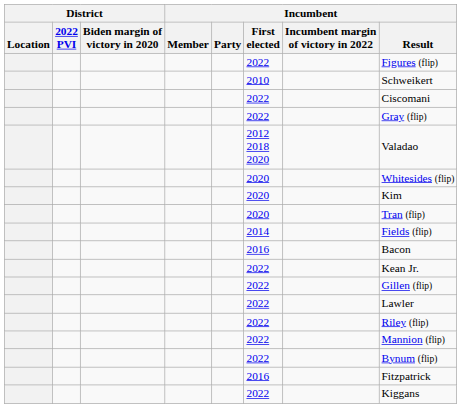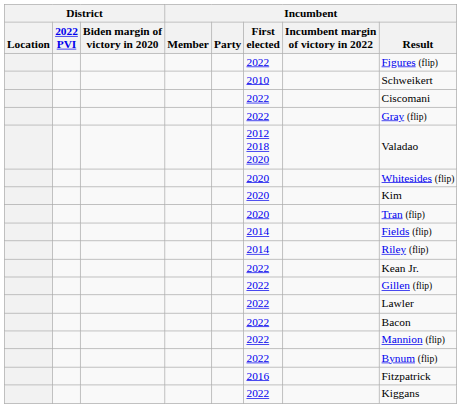 <table class="wikitable sortable">
 <tr>
 <th colspan=3>District</th>
 <th colspan="5">Incumbent</th>
 </tr>
 <tr valign=bottom>
 <th>Location</th>
 <th><a href='#'>2022<br>PVI</a></th>
 <th>Biden margin of<br>victory in 2020</th>
 <th>Member</th>
 <th>Party</th>
 <th>First<br>elected</th>
 <th>Incumbent margin<br>of victory in 2022</th>
 <th>Result</th>
 </tr>
 <tr>
 <th></th>
 <td></td>
 <td></td>
 <td></td>
 <td></td>
 <td><a href='#'>2022</a></td>
 <td></td>
 <td><a href='#'>Figures</a> <small>(flip)</small></td>
 </tr>
 <tr>
 <th></th>
 <td></td>
 <td></td>
 <td></td>
 <td></td>
 <td><a href='#'>2010</a></td>
 <td></td>
 <td>Schweikert</td>
 </tr>
 <tr>
 <th></th>
 <td></td>
 <td></td>
 <td></td>
 <td></td>
 <td><a href='#'>2022</a></td>
 <td></td>
 <td>Ciscomani</td>
 </tr>
 <tr>
 <th></th>
 <td></td>
 <td></td>
 <td></td>
 <td></td>
 <td><a href='#'>2022</a></td>
 <td></td>
 <td><a href='#'>Gray</a> <small>(flip)</small></td>
 </tr>
 <tr>
 <th></th>
 <td></td>
 <td></td>
 <td></td>
 <td></td>
 <td><a href='#'>2012</a><br><a href='#'>2018</a> <br><a href='#'>2020</a></td>
 <td></td>
 <td>Valadao</td>
 </tr>
 <tr>
 <th></th>
 <td></td>
 <td></td>
 <td></td>
 <td></td>
 <td><a href='#'>2020 </a></td>
 <td></td>
 <td><a href='#'>Whitesides</a> <small>(flip)</small></td>
 </tr>
 <tr>
 <th></th>
 <td></td>
 <td></td>
 <td></td>
 <td></td>
 <td><a href='#'>2020</a></td>
 <td></td>
 <td>Kim</td>
 </tr>
 <tr>
 <th></th>
 <td></td>
 <td></td>
 <td></td>
 <td></td>
 <td><a href='#'>2020</a></td>
 <td></td>
 <td><a href='#'>Tran</a> <small>(flip)</small></td>
 </tr>
 <tr>
 <th></th>
 <td></td>
 <td></td>
 <td></td>
 <td></td>
 <td><a href='#'>2014</a></td>
 <td></td>
 <td><a href='#'>Fields</a> <small>(flip)</small></td>
 </tr>
 <tr>
 <th></th>
 <td></td>
 <td></td>
 <td></td>
 <td></td>
-<td><a href='#'>2016</a></td>
+<td><a href='#'>2014</a></td>
 <td></td>
-<td>Bacon</td>
+<td><a href='#'>Riley</a> <small>(flip)</small></td>
 </tr>
 <tr>
 <th></th>
 <td></td>
 <td></td>
 <td></td>
 <td></td>
 <td><a href='#'>2022</a></td>
 <td></td>
 <td>Kean Jr.</td>
 </tr>
 <tr>
 <th></th>
 <td></td>
 <td></td>
 <td></td>
 <td></td>
 <td><a href='#'>2022</a></td>
 <td></td>
 <td><a href='#'>Gillen</a> <small>(flip)</small></td>
 </tr>
 <tr>
 <th></th>
 <td></td>
 <td></td>
 <td></td>
 <td></td>
 <td><a href='#'>2022</a></td>
 <td></td>
 <td>Lawler</td>
 </tr>
 <tr>
 <th></th>
 <td></td>
 <td></td>
 <td></td>
 <td></td>
 <td><a href='#'>2022</a></td>
 <td></td>
-<td><a href='#'>Riley</a> <small>(flip)</small></td>
+<td>Bacon</td>
 </tr>
 <tr>
 <th></th>
 <td></td>
 <td></td>
 <td></td>
 <td></td>
 <td><a href='#'>2022</a></td>
 <td></td>
 <td><a href='#'>Mannion</a> <small>(flip)</small></td>
 </tr>
 <tr>
 <th></th>
 <td></td>
 <td></td>
 <td></td>
 <td></td>
 <td><a href='#'>2022</a></td>
 <td></td>
 <td><a href='#'>Bynum</a> <small>(flip)</small></td>
 </tr>
 <tr>
 <th></th>
 <td></td>
 <td></td>
 <td></td>
 <td></td>
 <td><a href='#'>2016</a></td>
 <td></td>
 <td>Fitzpatrick</td>
 </tr>
 <tr>
 <th></th>
 <td></td>
 <td></td>
 <td></td>
 <td></td>
 <td><a href='#'>2022</a></td>
 <td></td>
 <td>Kiggans</td>
 </tr>
 </table>
